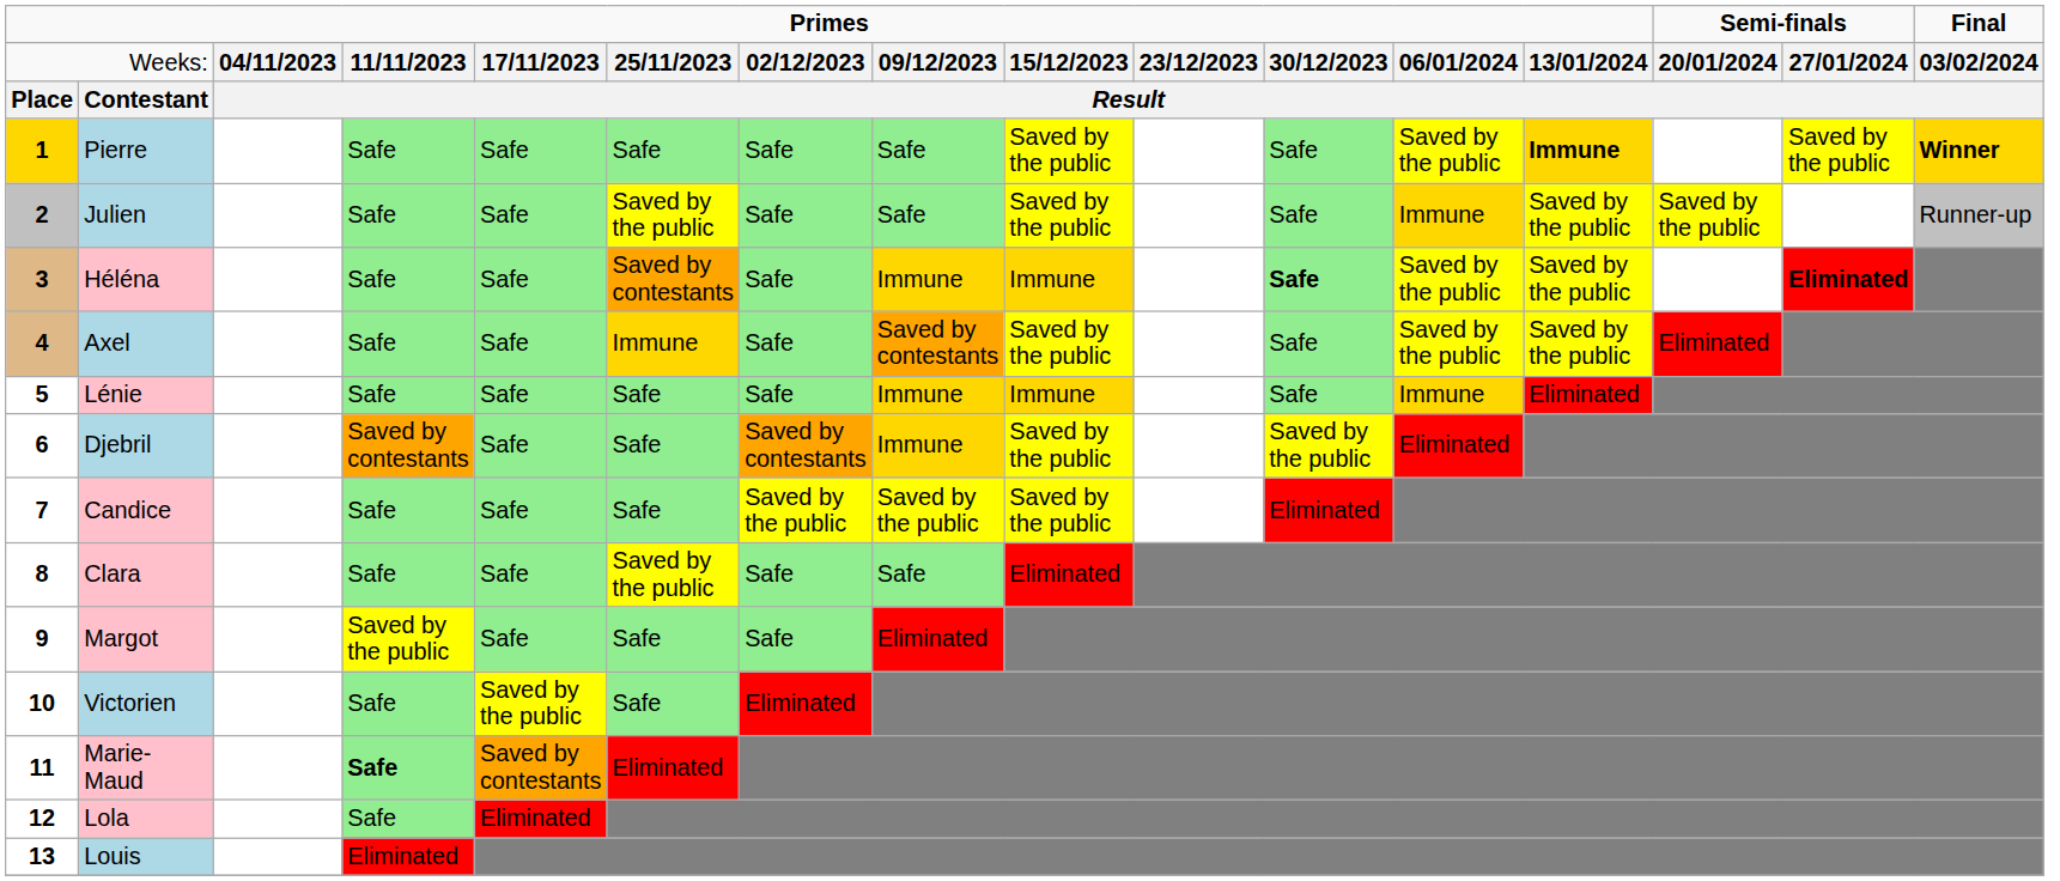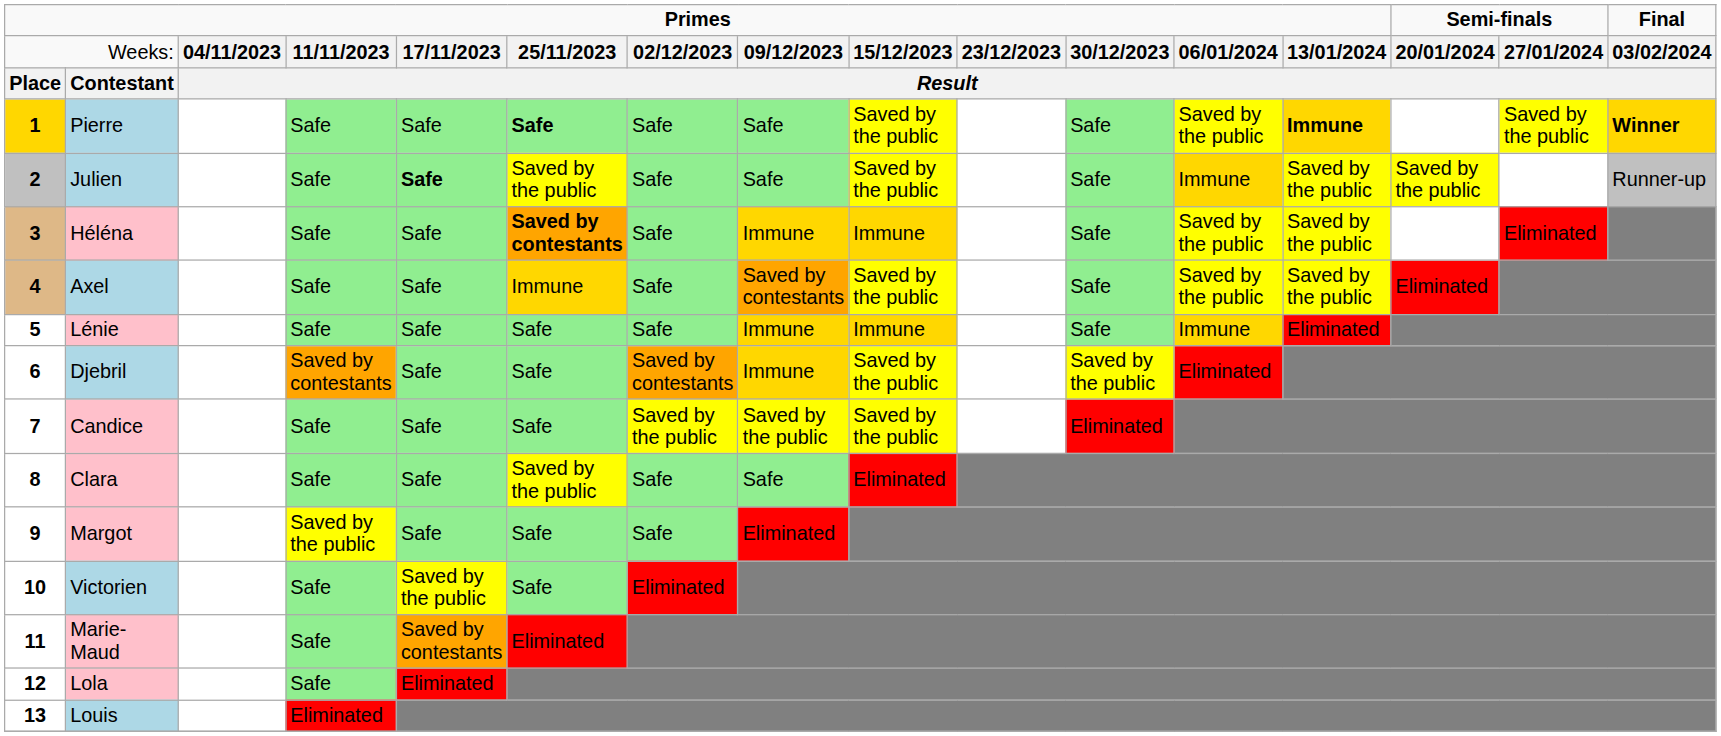 <table class="wikitable" align="center">
 <tr>
 <td colspan = "13" align="center"><strong>Primes</strong></td>
 <td colspan = "2" align="center"><strong>Semi-finals</strong></td>
 <td align="center"><strong>Final</strong></td>
 </tr>
 <tr>
 <td colspan = "2" align="right">Weeks:</td>
 <th>04/11/2023</th>
 <th>11/11/2023</th>
 <th>17/11/2023</th>
 <th>25/11/2023</th>
 <th>02/12/2023</th>
 <th>09/12/2023</th>
 <th>15/12/2023</th>
 <th>23/12/2023</th>
 <th>30/12/2023</th>
 <th>06/01/2024</th>
 <th>13/01/2024</th>
 <th>20/01/2024</th>
 <th>27/01/2024</th>
 <th>03/02/2024</th>
 </tr>
 <tr>
 <th>Place</th>
 <th>Contestant</th>
 <th colspan="14" align="center"><em>Result</em></th>
 </tr>
 <tr>
 <td style   = "text-align: center; background: gold"><strong>1</strong></td>
 <td style   = "background: lightblue">Pierre</td>
 <td style   = "background: white"></td>
 <td style   = "background: lightgreen">Safe</td>
 <td style   = "background: lightgreen">Safe</td>
-<td style   = "background: lightgreen">Safe</td>
+<td style   = "background: lightgreen"><strong>Safe</strong></td>
 <td style   = "background: lightgreen">Safe</td>
 <td style   = "background: lightgreen">Safe</td>
 <td style   = "background: yellow">Saved by the public</td>
 <td style   = "background: white"></td>
 <td style   = "background: lightgreen">Safe</td>
 <td style   = "background: yellow">Saved by the public</td>
 <td style   = "background: gold"><strong>Immune</strong></td>
 <td style   = "background: white"></td>
 <td style   = "background: yellow">Saved by the public</td>
 <td style   = "background: gold"><strong>Winner</strong></td>
 </tr>
 <tr>
 <td style   = "text-align: center; background: silver"><strong>2</strong></td>
 <td style   = "background: lightblue">Julien</td>
 <td style   = "background: white"></td>
 <td style   = "background: lightgreen">Safe</td>
-<td style   = "background: lightgreen">Safe</td>
+<td style   = "background: lightgreen"><strong>Safe</strong></td>
 <td style   = "background: yellow">Saved by the public</td>
 <td style   = "background: lightgreen">Safe</td>
 <td style   = "background: lightgreen">Safe</td>
 <td style   = "background: yellow">Saved by the public</td>
 <td style   = "background:white"></td>
 <td style   = "background: lightgreen">Safe</td>
 <td style   = "background:gold">Immune</td>
 <td style   = "background: yellow">Saved by the public</td>
 <td style   = "background: yellow">Saved by the public</td>
 <td style   = "background: white"></td>
 <td style   = "background: silver">Runner-up</td>
 </tr>
 <tr>
 <td style   = "text-align: center; background:BurlyWood"><strong>3</strong></td>
 <td style   = "background: pink">Héléna</td>
 <td style   = "background: white"></td>
 <td style   = "background:lightgreen">Safe</td>
 <td style   = "background: lightgreen">Safe</td>
-<td style   = "background:orange">Saved by contestants</td>
+<td style   = "background:orange"><strong>Saved by contestants</strong></td>
 <td style   = "background: lightgreen">Safe</td>
 <td style   = "background: gold">Immune</td>
 <td style   = "background: gold">Immune</td>
 <td style   = "background:white"></td>
-<td style   = "background: lightgreen"><strong>Safe</strong></td>
+<td style   = "background: lightgreen">Safe</td>
 <td style   = "background: yellow">Saved by the public</td>
 <td style   = "background: yellow">Saved by the public</td>
 <td style   = "background: white"></td>
-<td style   = "background: red"><strong><span>Eliminated</span></strong></td>
+<td style   = "background: red"><span>Eliminated</span></td>
 <td bgcolor = "grey"></td>
 </tr>
 <tr>
 <td style   = "text-align: center; background: BurlyWood"><strong>4</strong></td>
 <td style   = "background: lightblue">Axel</td>
 <td style   = "background: white"></td>
 <td style   = "background: lightgreen">Safe</td>
 <td style   = "background: lightgreen">Safe</td>
 <td style   = "background: gold">Immune</td>
 <td style   = "background: lightgreen">Safe</td>
 <td style   = "background: orange">Saved by contestants</td>
 <td style   = "background: yellow">Saved by the public</td>
 <td style   = "background:white"></td>
 <td style   = "background: lightgreen">Safe</td>
 <td style   = "background: yellow">Saved by the public</td>
 <td style   = "background: yellow">Saved by the public</td>
 <td style   = "background: red"><span>Eliminated</span></td>
 <td colspan = "2" bgcolor="grey"></td>
 </tr>
 <tr>
 <td style   = "text-align: center; background: white"><strong>5</strong></td>
 <td style   = "background: pink">Lénie</td>
 <td style   = "background: white"></td>
 <td style   = "background: lightgreen">Safe</td>
 <td style   = "background: lightgreen">Safe</td>
 <td style   = "background: lightgreen">Safe</td>
 <td style   = "background: lightgreen">Safe</td>
 <td style   = "background: gold">Immune</td>
 <td style   = "background: gold">Immune</td>
 <td style   = "background: white"></td>
 <td style   = "background: lightgreen">Safe</td>
 <td style   = "background: gold">Immune</td>
 <td style   = "background: red"><span>Eliminated</span></td>
 <td colspan = "8" bgcolor="grey"></td>
 </tr>
 <tr>
 <td style   = "text-align: center; background: white"><strong>6</strong></td>
 <td style   = "background: lightblue">Djebril</td>
 <td style   = "background: white"></td>
 <td style   = "background: orange">Saved by contestants</td>
 <td style   = "background: lightgreen">Safe</td>
 <td style   = "background: lightgreen">Safe</td>
 <td style   = "background: orange">Saved by contestants</td>
 <td style   = "background: gold">Immune</td>
 <td style   = "background: yellow">Saved by the public</td>
 <td style   = "background: white"></td>
 <td style   = "background: yellow">Saved by the public</td>
 <td style   = "background: red"><span>Eliminated</span></td>
 <td colspan = "9" bgcolor="grey"></td>
 </tr>
 <tr>
 <td style   = "text-align: center; background: white"><strong>7</strong></td>
 <td style   = "background: pink">Candice</td>
 <td style   = "background: white"></td>
 <td style   = "background: lightgreen">Safe</td>
 <td style   = "background: lightgreen">Safe</td>
 <td style   = "background: lightgreen">Safe</td>
 <td style   = "background: yellow">Saved by the public</td>
 <td style   = "background: yellow">Saved by the public</td>
 <td style   = "background: yellow">Saved by the public</td>
 <td style   = "background: white"></td>
 <td style   = "background: red"><span>Eliminated</span></td>
 <td colspan = "8" bgcolor="grey"></td>
 </tr>
 <tr>
 <td style   = "text-align: center; background: white"><strong>8</strong></td>
 <td style   = "background: pink">Clara</td>
 <td style   = "background: white"></td>
 <td style   = "background: lightgreen">Safe</td>
 <td style   = "background: lightgreen">Safe</td>
 <td style   = "background: yellow">Saved by the public</td>
 <td style   = "background: lightgreen">Safe</td>
 <td style   = "background: lightgreen">Safe</td>
 <td style   = "background: red"><span>Eliminated</span></td>
 <td colspan = "7" bgcolor="grey"></td>
 </tr>
 <tr>
 <td style   = "text-align: center; background: white"><strong>9</strong></td>
 <td style   = "background: pink">Margot</td>
 <td style   = "background: white"></td>
 <td style   = "background: yellow">Saved by the public</td>
 <td style   = "background: lightgreen">Safe</td>
 <td style   = "background: lightgreen">Safe</td>
 <td style   = "background: lightgreen">Safe</td>
 <td style   = "background: red"><span>Eliminated</span></td>
 <td colspan = "8" bgcolor="grey"></td>
 </tr>
 <tr>
 <td style   = "text-align: center; background: white"><strong>10</strong></td>
 <td style   = "background: lightblue">Victorien</td>
 <td style   = "background: white"></td>
 <td style   = "background: lightgreen">Safe</td>
 <td style   = "background: yellow">Saved by the public</td>
 <td style   = "background: lightgreen">Safe</td>
 <td style   = "background: red"><span>Eliminated</span></td>
 <td colspan = "13" bgcolor="grey"></td>
 </tr>
 <tr>
 <td style   = "text-align: center; background: white"><strong>11</strong></td>
 <td style   = "background: pink">Marie-Maud</td>
 <td style   = "background: white"></td>
-<td style   = "background: lightgreen"><strong>Safe</strong></td>
+<td style   = "background: lightgreen">Safe</td>
 <td style   = "background: orange">Saved by contestants</td>
 <td style   = "background: red"><span>Eliminated</span></td>
 <td colspan = "14" bgcolor="grey"></td>
 </tr>
 <tr>
 <td style   = "text-align: center; background: white"><strong>12</strong></td>
 <td style   = "background: pink">Lola</td>
 <td style   = "background: white"></td>
 <td style   = "background: lightgreen">Safe</td>
 <td style   = "background: red"><span>Eliminated</span></td>
 <td colspan = "14" bgcolor="grey"></td>
 </tr>
 <tr>
 <td style   = "text-align: center; background: white"><strong>13</strong></td>
 <td style   = "background: lightblue">Louis</td>
 <td style   = "background: white"></td>
 <td style   = "background: red"><span>Eliminated</span></td>
 <td colspan = "14" bgcolor="grey"></td>
 </tr>
 <tr>
 </tr>
 </table>
